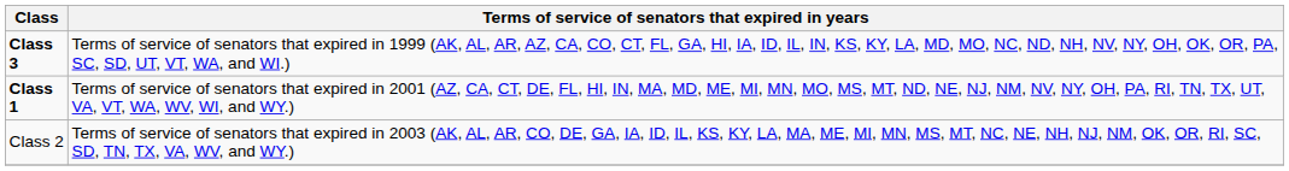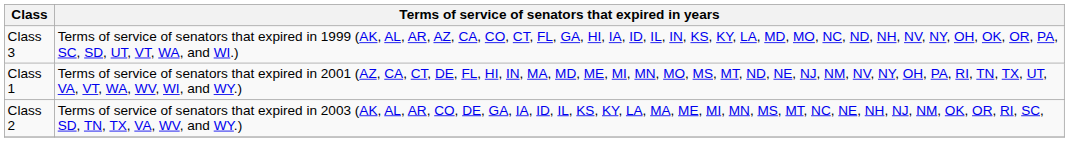 <table class="wikitable sortable">
 <tr valign=bottom>
 <th>Class</th>
 <th>Terms of service of senators that expired in years</th>
 </tr>
 <tr>
-<td><strong>Class 3</strong></td>
+<td>Class 3</td>
 <td>Terms of service of senators that expired in 1999 (<a href='#'>AK</a>, <a href='#'>AL</a>, <a href='#'>AR</a>, <a href='#'>AZ</a>, <a href='#'>CA</a>, <a href='#'>CO</a>, <a href='#'>CT</a>, <a href='#'>FL</a>, <a href='#'>GA</a>, <a href='#'>HI</a>, <a href='#'>IA</a>, <a href='#'>ID</a>, <a href='#'>IL</a>, <a href='#'>IN</a>,  <a href='#'>KS</a>, <a href='#'>KY</a>, <a href='#'>LA</a>, <a href='#'>MD</a>, <a href='#'>MO</a>, <a href='#'>NC</a>, <a href='#'>ND</a>, <a href='#'>NH</a>, <a href='#'>NV</a>, <a href='#'>NY</a>, <a href='#'>OH</a>, <a href='#'>OK</a>, <a href='#'>OR</a>, <a href='#'>PA</a>, <a href='#'>SC</a>, <a href='#'>SD</a>, <a href='#'>UT</a>, <a href='#'>VT</a>, <a href='#'>WA</a>, and <a href='#'>WI</a>.)</td>
 </tr>
 <tr>
-<td><strong>Class 1</strong></td>
+<td>Class 1</td>
 <td>Terms of service of senators that expired in 2001 (<a href='#'>AZ</a>, <a href='#'>CA</a>, <a href='#'>CT</a>, <a href='#'>DE</a>, <a href='#'>FL</a>, <a href='#'>HI</a>, <a href='#'>IN</a>, <a href='#'>MA</a>, <a href='#'>MD</a>, <a href='#'>ME</a>, <a href='#'>MI</a>, <a href='#'>MN</a>, <a href='#'>MO</a>, <a href='#'>MS</a>, <a href='#'>MT</a>, <a href='#'>ND</a>, <a href='#'>NE</a>, <a href='#'>NJ</a>, <a href='#'>NM</a>, <a href='#'>NV</a>, <a href='#'>NY</a>, <a href='#'>OH</a>, <a href='#'>PA</a>, <a href='#'>RI</a>, <a href='#'>TN</a>, <a href='#'>TX</a>, <a href='#'>UT</a>, <a href='#'>VA</a>, <a href='#'>VT</a>, <a href='#'>WA</a>, <a href='#'>WV</a>, <a href='#'>WI</a>, and <a href='#'>WY</a>.)</td>
 </tr>
 <tr>
 <td>Class 2</td>
 <td>Terms of service of senators that expired in 2003 (<a href='#'>AK</a>, <a href='#'>AL</a>, <a href='#'>AR</a>, <a href='#'>CO</a>, <a href='#'>DE</a>, <a href='#'>GA</a>, <a href='#'>IA</a>, <a href='#'>ID</a>, <a href='#'>IL</a>, <a href='#'>KS</a>, <a href='#'>KY</a>, <a href='#'>LA</a>, <a href='#'>MA</a>, <a href='#'>ME</a>, <a href='#'>MI</a>, <a href='#'>MN</a>, <a href='#'>MS</a>, <a href='#'>MT</a>, <a href='#'>NC</a>, <a href='#'>NE</a>, <a href='#'>NH</a>, <a href='#'>NJ</a>, <a href='#'>NM</a>, <a href='#'>OK</a>, <a href='#'>OR</a>, <a href='#'>RI</a>, <a href='#'>SC</a>, <a href='#'>SD</a>, <a href='#'>TN</a>, <a href='#'>TX</a>, <a href='#'>VA</a>, <a href='#'>WV</a>, and <a href='#'>WY</a>.)</td>
 </tr>
 <tr>
 </tr>
 </table>
